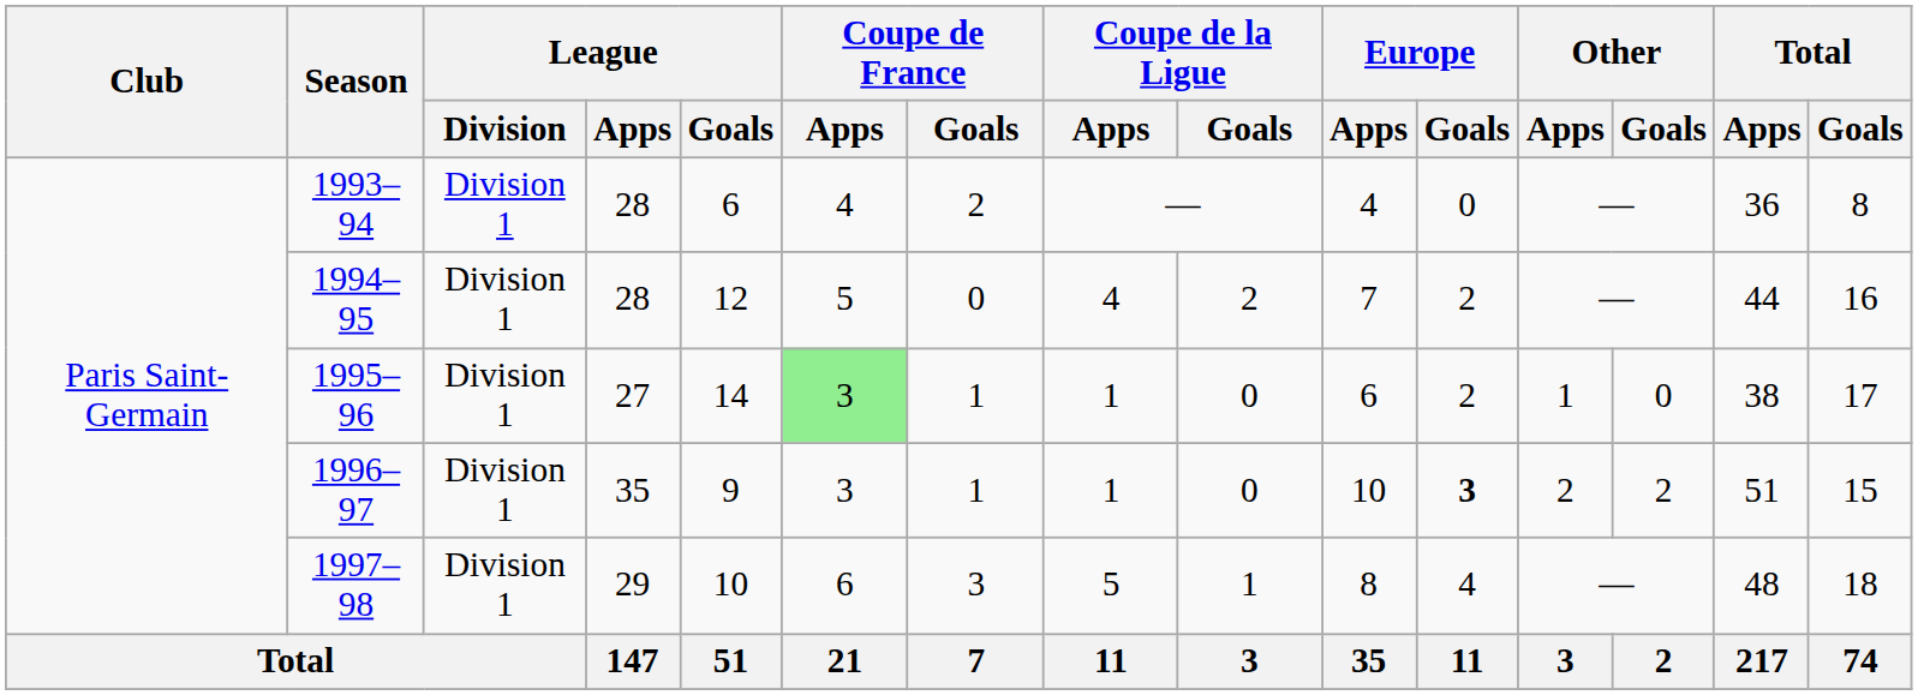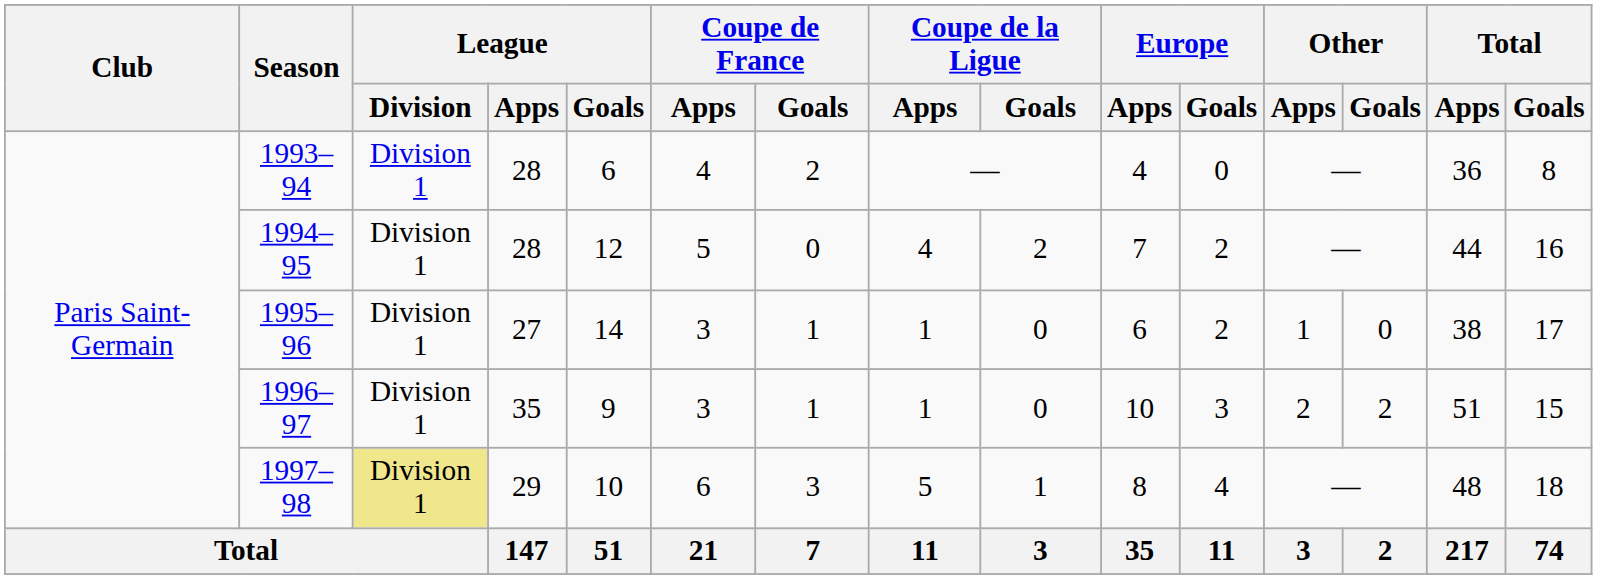 <table class="wikitable" style="text-align:center">
 <tr>
 <th rowspan="2">Club</th>
 <th rowspan="2">Season</th>
 <th colspan="3">League</th>
 <th colspan="2"><a href='#'>Coupe de France</a></th>
 <th colspan="2"><a href='#'>Coupe de la Ligue</a></th>
 <th colspan="2"><a href='#'>Europe</a></th>
 <th colspan="2">Other</th>
 <th colspan="2">Total</th>
 </tr>
 <tr>
 <th>Division</th>
 <th>Apps</th>
 <th>Goals</th>
 <th>Apps</th>
 <th>Goals</th>
 <th>Apps</th>
 <th>Goals</th>
 <th>Apps</th>
 <th>Goals</th>
 <th>Apps</th>
 <th>Goals</th>
 <th>Apps</th>
 <th>Goals</th>
 </tr>
 <tr>
 <td rowspan="5"><a href='#'>Paris Saint-Germain</a></td>
 <td><a href='#'>1993–94</a></td>
 <td><a href='#'>Division 1</a></td>
 <td>28</td>
 <td>6</td>
 <td>4</td>
 <td>2</td>
 <td colspan="2">—</td>
 <td>4</td>
 <td>0</td>
 <td colspan="2">—</td>
 <td>36</td>
 <td>8</td>
 </tr>
 <tr>
 <td><a href='#'>1994–95</a></td>
 <td>Division 1</td>
 <td>28</td>
 <td>12</td>
 <td>5</td>
 <td>0</td>
 <td>4</td>
 <td>2</td>
 <td>7</td>
 <td>2</td>
 <td colspan="2">—</td>
 <td>44</td>
 <td>16</td>
 </tr>
 <tr>
 <td><a href='#'>1995–96</a></td>
 <td>Division 1</td>
 <td>27</td>
 <td>14</td>
-<td style="background: lightgreen;">3</td>
+<td>3</td>
 <td>1</td>
 <td>1</td>
 <td>0</td>
 <td>6</td>
 <td>2</td>
 <td>1</td>
 <td>0</td>
 <td>38</td>
 <td>17</td>
 </tr>
 <tr>
 <td><a href='#'>1996–97</a></td>
 <td>Division 1</td>
 <td>35</td>
 <td>9</td>
 <td>3</td>
 <td>1</td>
 <td>1</td>
 <td>0</td>
 <td>10</td>
-<td><strong>3</strong></td>
+<td>3</td>
 <td>2</td>
 <td>2</td>
 <td>51</td>
 <td>15</td>
 </tr>
 <tr>
 <td><a href='#'>1997–98</a></td>
-<td>Division 1</td>
+<td style="background: khaki;">Division 1</td>
 <td>29</td>
 <td>10</td>
 <td>6</td>
 <td>3</td>
 <td>5</td>
 <td>1</td>
 <td>8</td>
 <td>4</td>
 <td colspan="2">—</td>
 <td>48</td>
 <td>18</td>
 </tr>
 <tr>
 <th colspan="3">Total</th>
 <th>147</th>
 <th>51</th>
 <th>21</th>
 <th>7</th>
 <th>11</th>
 <th>3</th>
 <th>35</th>
 <th>11</th>
 <th>3</th>
 <th>2</th>
 <th>217</th>
 <th>74</th>
 </tr>
 </table>
